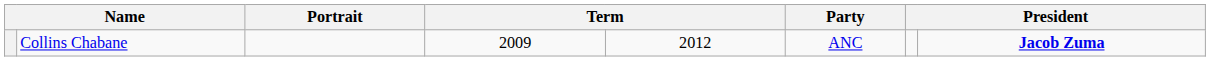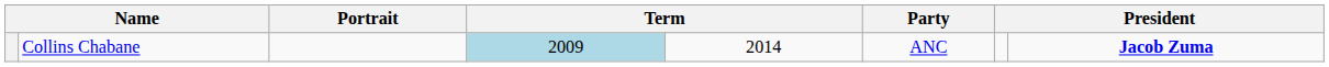 <table class="wikitable" width="60%">
 <tr>
 <th colspan="2" width="20%">Name</th>
 <th width="75">Portrait</th>
 <th colspan="2" width="30%">Term</th>
 <th width="10%">Party</th>
 <th colspan="2" width="25%">President</th>
 </tr>
 <tr style="text-align:center">
 <th style="width:1%;background-color: "></th>
 <td align="left"><a href='#'>Collins Chabane</a></td>
 <td align="center"></td>
-<td>2009</td>
-<td>2012</td>
+<td style="background: lightblue;">2009</td>
+<td>2014</td>
 <td><a href='#'>ANC</a></td>
 <td style="width:1%;background-color: "></td>
 <td><strong><a href='#'>Jacob Zuma</a><br> </strong></td>
 </tr>
 </table>
